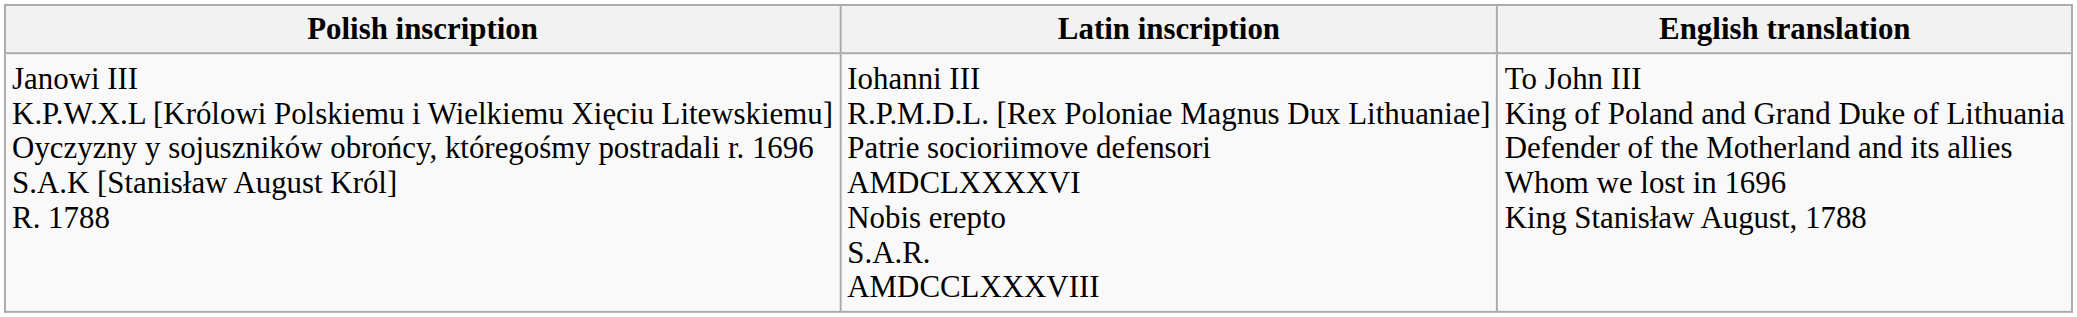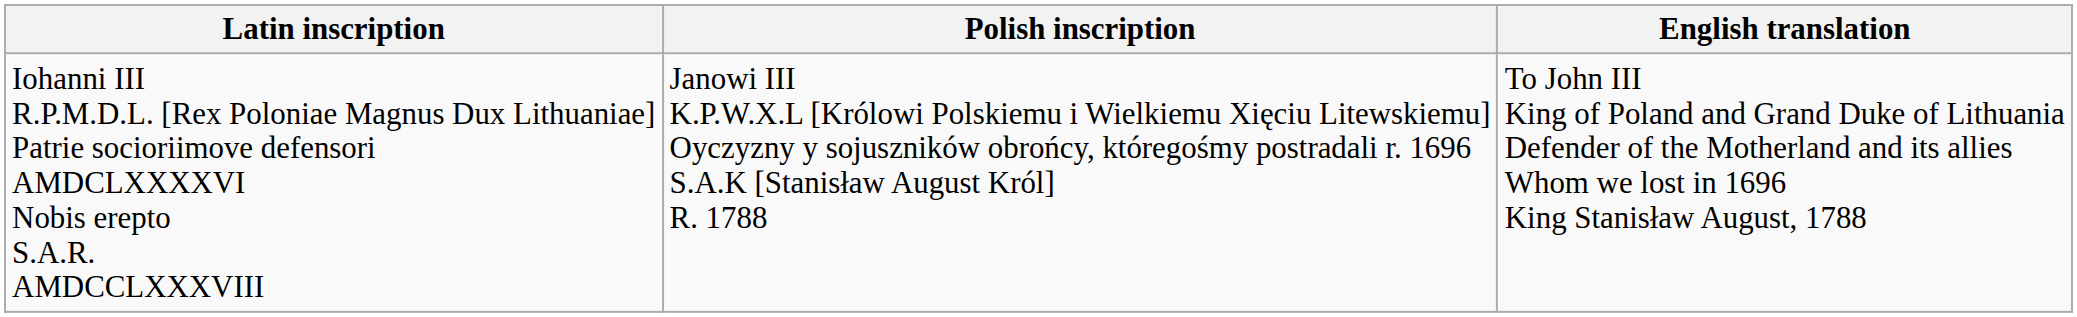 <table class="wikitable">
 <tr>
+<th>Latin inscription</th>
 <th>Polish inscription</th>
-<th>Latin inscription</th>
 <th>English translation</th>
 </tr>
 <tr style="vertical-align:top;">
+<td>Iohanni III<br>R.P.M.D.L. [Rex Poloniae Magnus Dux Lithuaniae]<br>Patrie socioriimove defensori<br>AMDCLXXXXVI<br>Nobis erepto<br>S.A.R.<br>AMDCCLXXXVIII</td>
 <td>Janowi III<br>K.P.W.X.L [Królowi Polskiemu i Wielkiemu Xięciu Litewskiemu]<br>Oyczyzny y sojuszników obrońcy, któregośmy postradali r. 1696<br>S.A.K [Stanisław August Król]<br>R. 1788</td>
-<td>Iohanni III<br>R.P.M.D.L. [Rex Poloniae Magnus Dux Lithuaniae]<br>Patrie socioriimove defensori<br>AMDCLXXXXVI<br>Nobis erepto<br>S.A.R.<br>AMDCCLXXXVIII</td>
 <td>To John III<br>King of Poland and Grand Duke of Lithuania<br>Defender of the Motherland and its allies<br>Whom we lost in 1696<br>King Stanisław August, 1788</td>
 </tr>
 </table>
